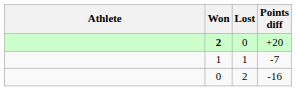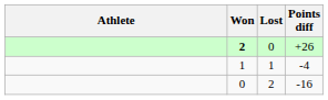 <table class="wikitable">
 <tr>
 <th style="width:18em">Athlete</th>
 <th>Won</th>
 <th>Lost</th>
 <th>Points<br>diff</th>
 </tr>
 <tr bgcolor="#ccffcc">
 <td></td>
 <td align="center"><strong>2</strong></td>
 <td align="center">0</td>
-<td align="center">+20</td>
+<td align="center">+26</td>
 </tr>
 <tr>
 <td></td>
 <td align="center">1</td>
 <td align="center">1</td>
-<td align="center">-7</td>
+<td align="center">-4</td>
 </tr>
 <tr>
 <td></td>
 <td align="center">0</td>
 <td align="center">2</td>
 <td align="center">-16</td>
 </tr>
 </table>
